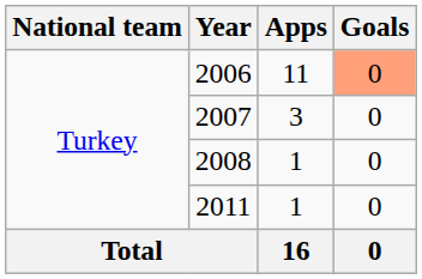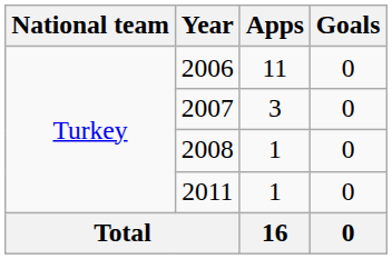 <table class="wikitable" style="text-align:center">
 <tr>
 <th>National team</th>
 <th>Year</th>
 <th>Apps</th>
 <th>Goals</th>
 </tr>
 <tr>
 <td rowspan="4"><a href='#'>Turkey</a></td>
 <td>2006</td>
 <td>11</td>
-<td style="background: lightsalmon;">0</td>
+<td>0</td>
 </tr>
 <tr>
 <td>2007</td>
 <td>3</td>
 <td>0</td>
 </tr>
 <tr>
 <td>2008</td>
 <td>1</td>
 <td>0</td>
 </tr>
 <tr>
 <td>2011</td>
 <td>1</td>
 <td>0</td>
 </tr>
 <tr>
 <th colspan="2">Total</th>
 <th>16</th>
 <th>0</th>
 </tr>
 </table>
